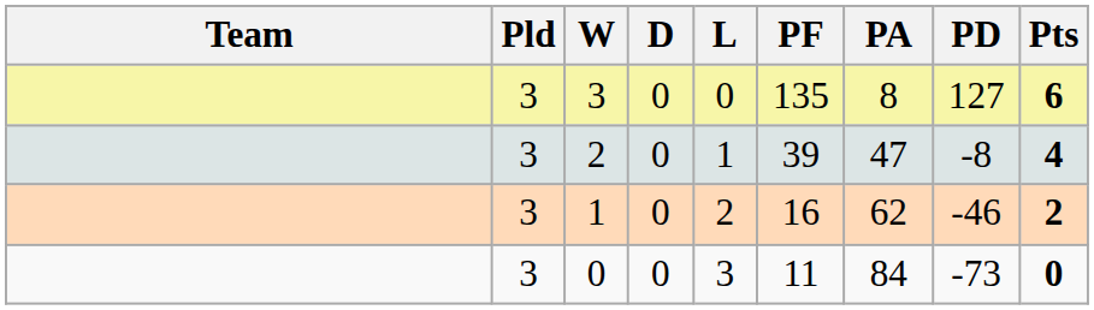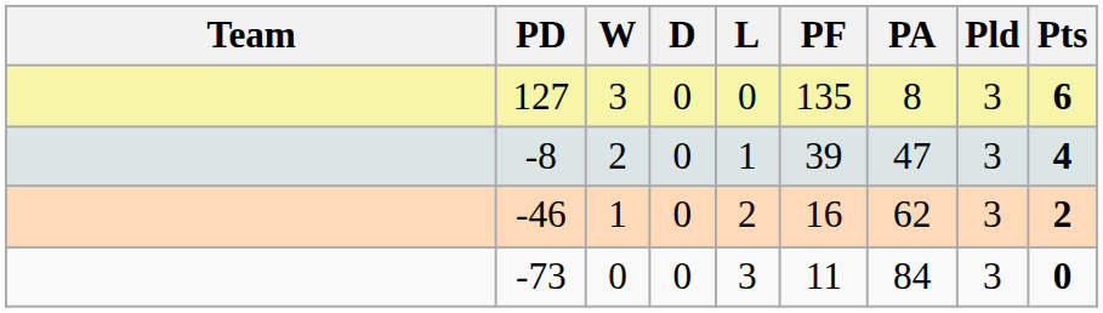 <table class="wikitable" style="text-align:center;">
 <tr>
 <th width=200>Team</th>
-<th width=20>Pld</th>
+<th width=30>PD</th>
 <th width=20>W</th>
 <th width=20>D</th>
 <th width=20>L</th>
 <th width=30>PF</th>
 <th width=30>PA</th>
-<th width=30>PD</th>
+<th width=20>Pld</th>
 <th width=20>Pts</th>
 </tr>
 <tr bgcolor=#f7f6a8>
 <td align=left></td>
-<td>3</td>
+<td>127</td>
 <td>3</td>
 <td>0</td>
 <td>0</td>
 <td>135</td>
 <td>8</td>
-<td>127</td>
+<td>3</td>
 <td><strong>6</strong></td>
 </tr>
 <tr bgcolor=#dce5e5>
 <td align=left></td>
-<td>3</td>
+<td>-8</td>
 <td>2</td>
 <td>0</td>
 <td>1</td>
 <td>39</td>
 <td>47</td>
-<td>-8</td>
+<td>3</td>
 <td><strong>4</strong></td>
 </tr>
 <tr bgcolor=#ffdab9>
 <td align=left></td>
-<td>3</td>
+<td>-46</td>
 <td>1</td>
 <td>0</td>
 <td>2</td>
 <td>16</td>
 <td>62</td>
-<td>-46</td>
+<td>3</td>
 <td><strong>2</strong></td>
 </tr>
 <tr>
 <td align=left></td>
-<td>3</td>
+<td>-73</td>
 <td>0</td>
 <td>0</td>
 <td>3</td>
 <td>11</td>
 <td>84</td>
-<td>-73</td>
+<td>3</td>
 <td><strong>0</strong></td>
 </tr>
 </table>
